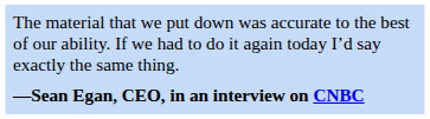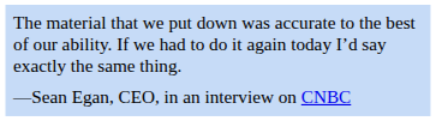 <table class="toccolours" style="float: right; margin-left: 1em; margin-right: 2em; font-size: 85%; background:#c6dbf7; color:black; width:25em; max-width: 25%;" cellspacing="5">
 <tr>
 <td style="text-align: left;">The material that we put down was accurate to the best of our ability. If we had to do it again today I’d say exactly the same thing.</td>
 </tr>
 <tr>
-<td style="text-align: left;"><strong>—Sean Egan, CEO, in an interview on <a href='#'>CNBC</a></strong></td>
+<td style="text-align: left;">—Sean Egan, CEO, in an interview on <a href='#'>CNBC</a></td>
 </tr>
 </table>
